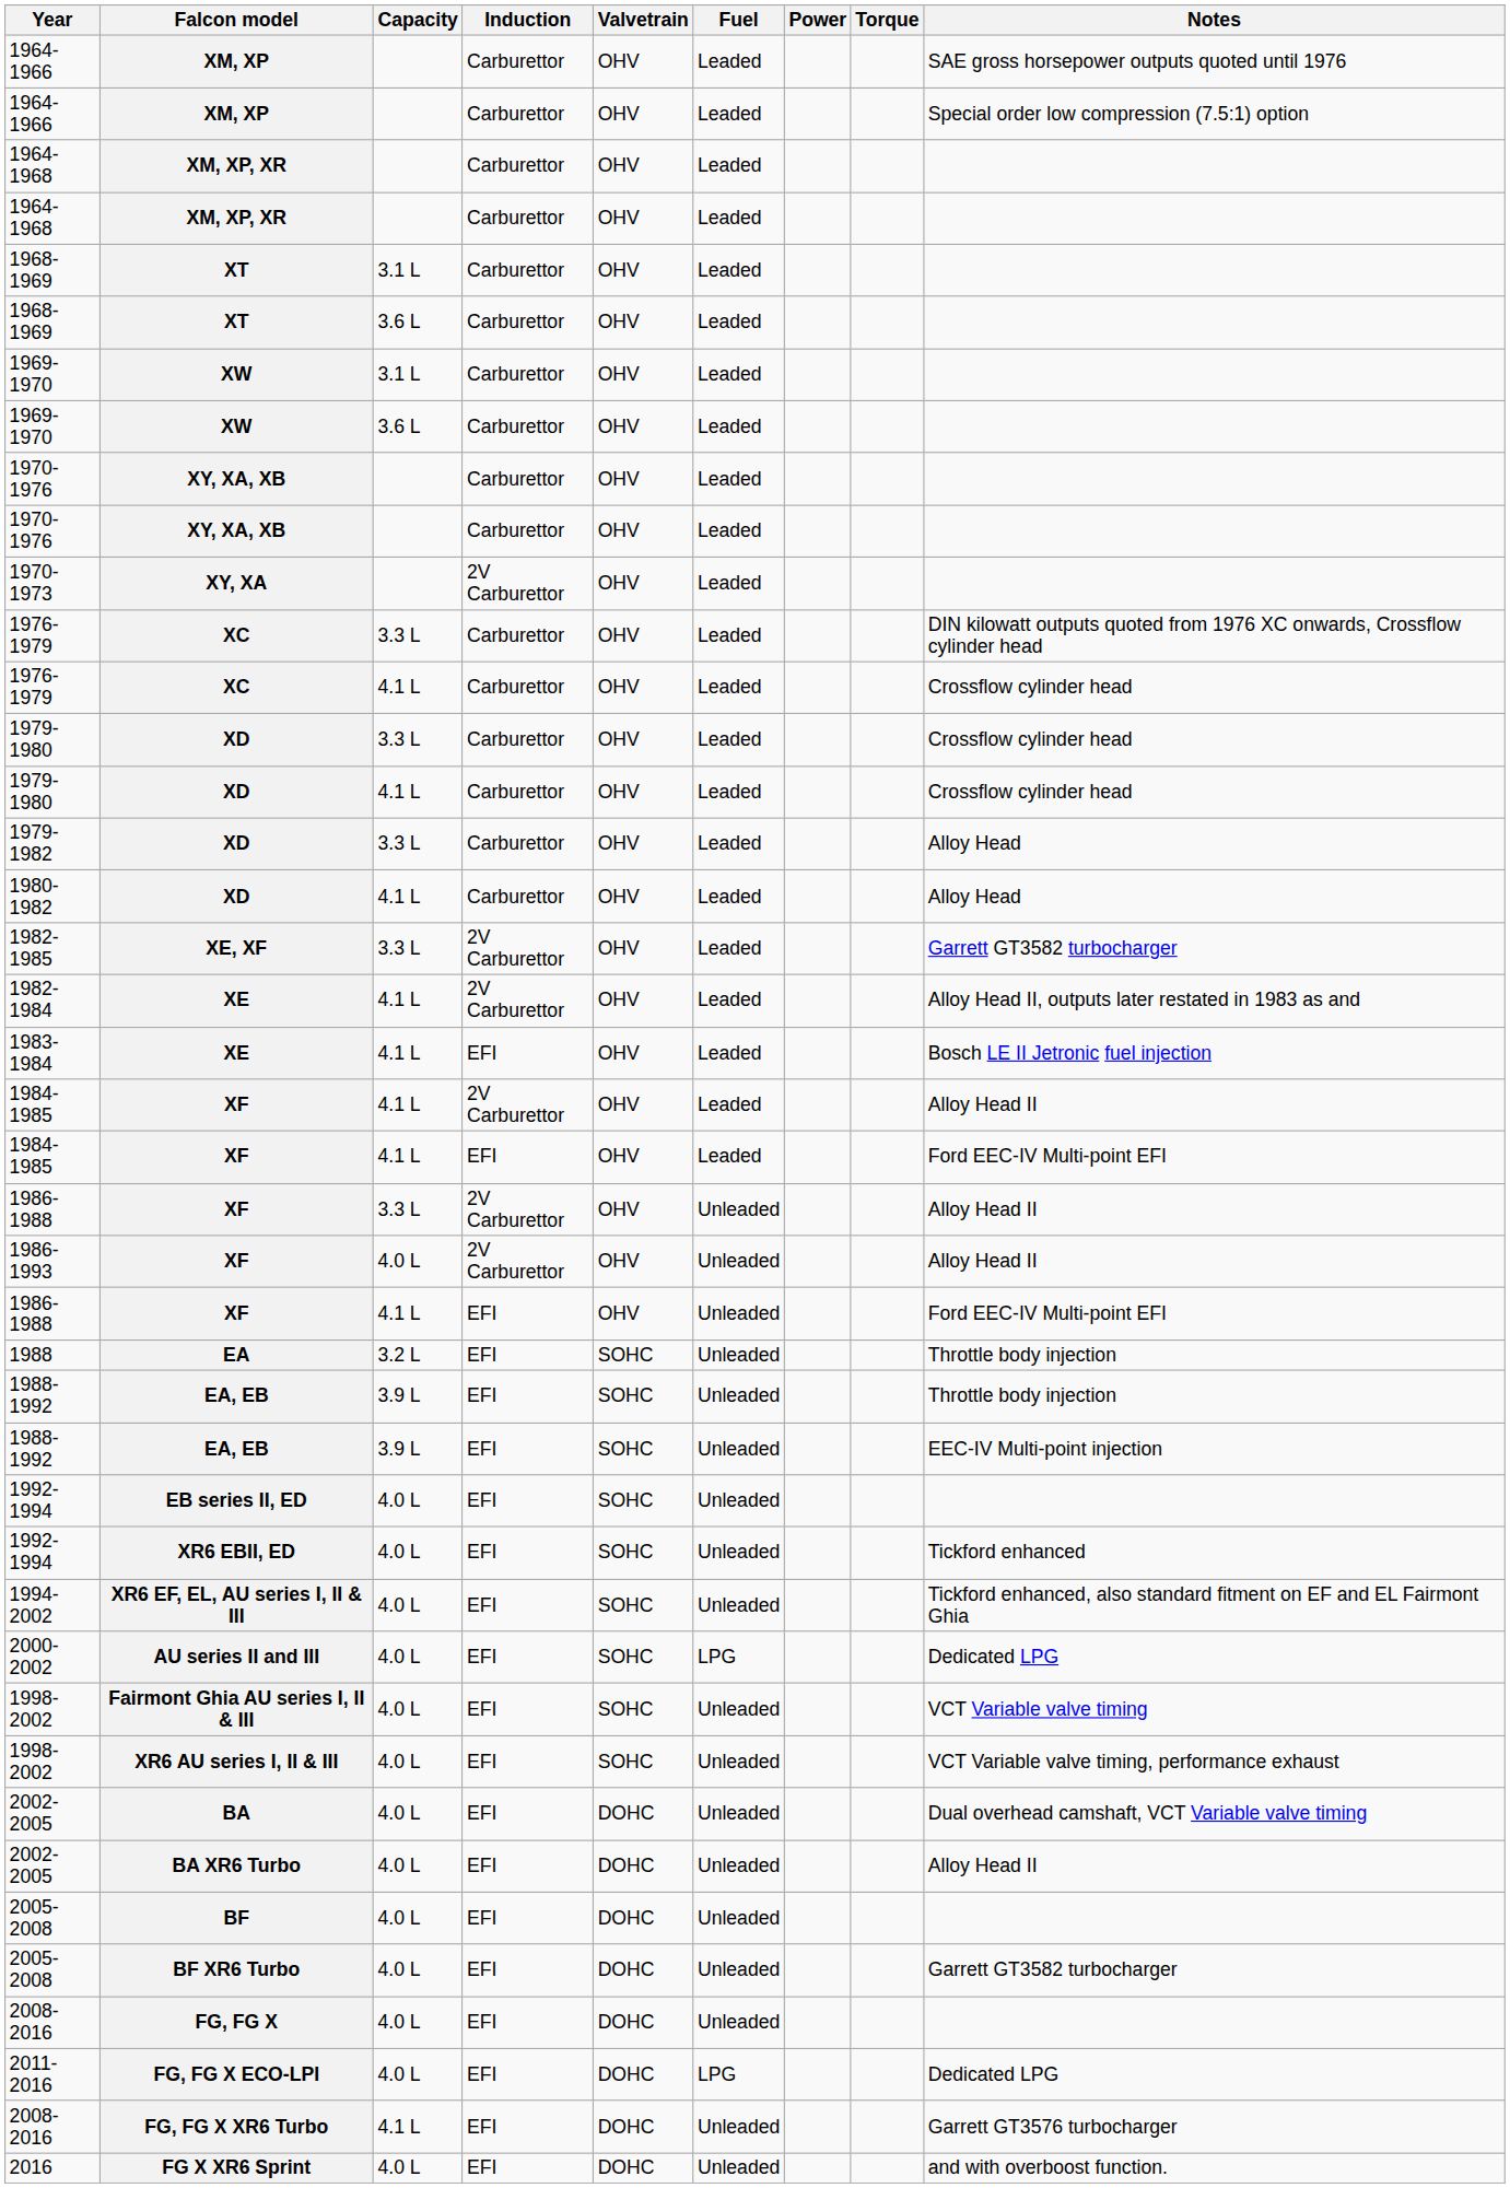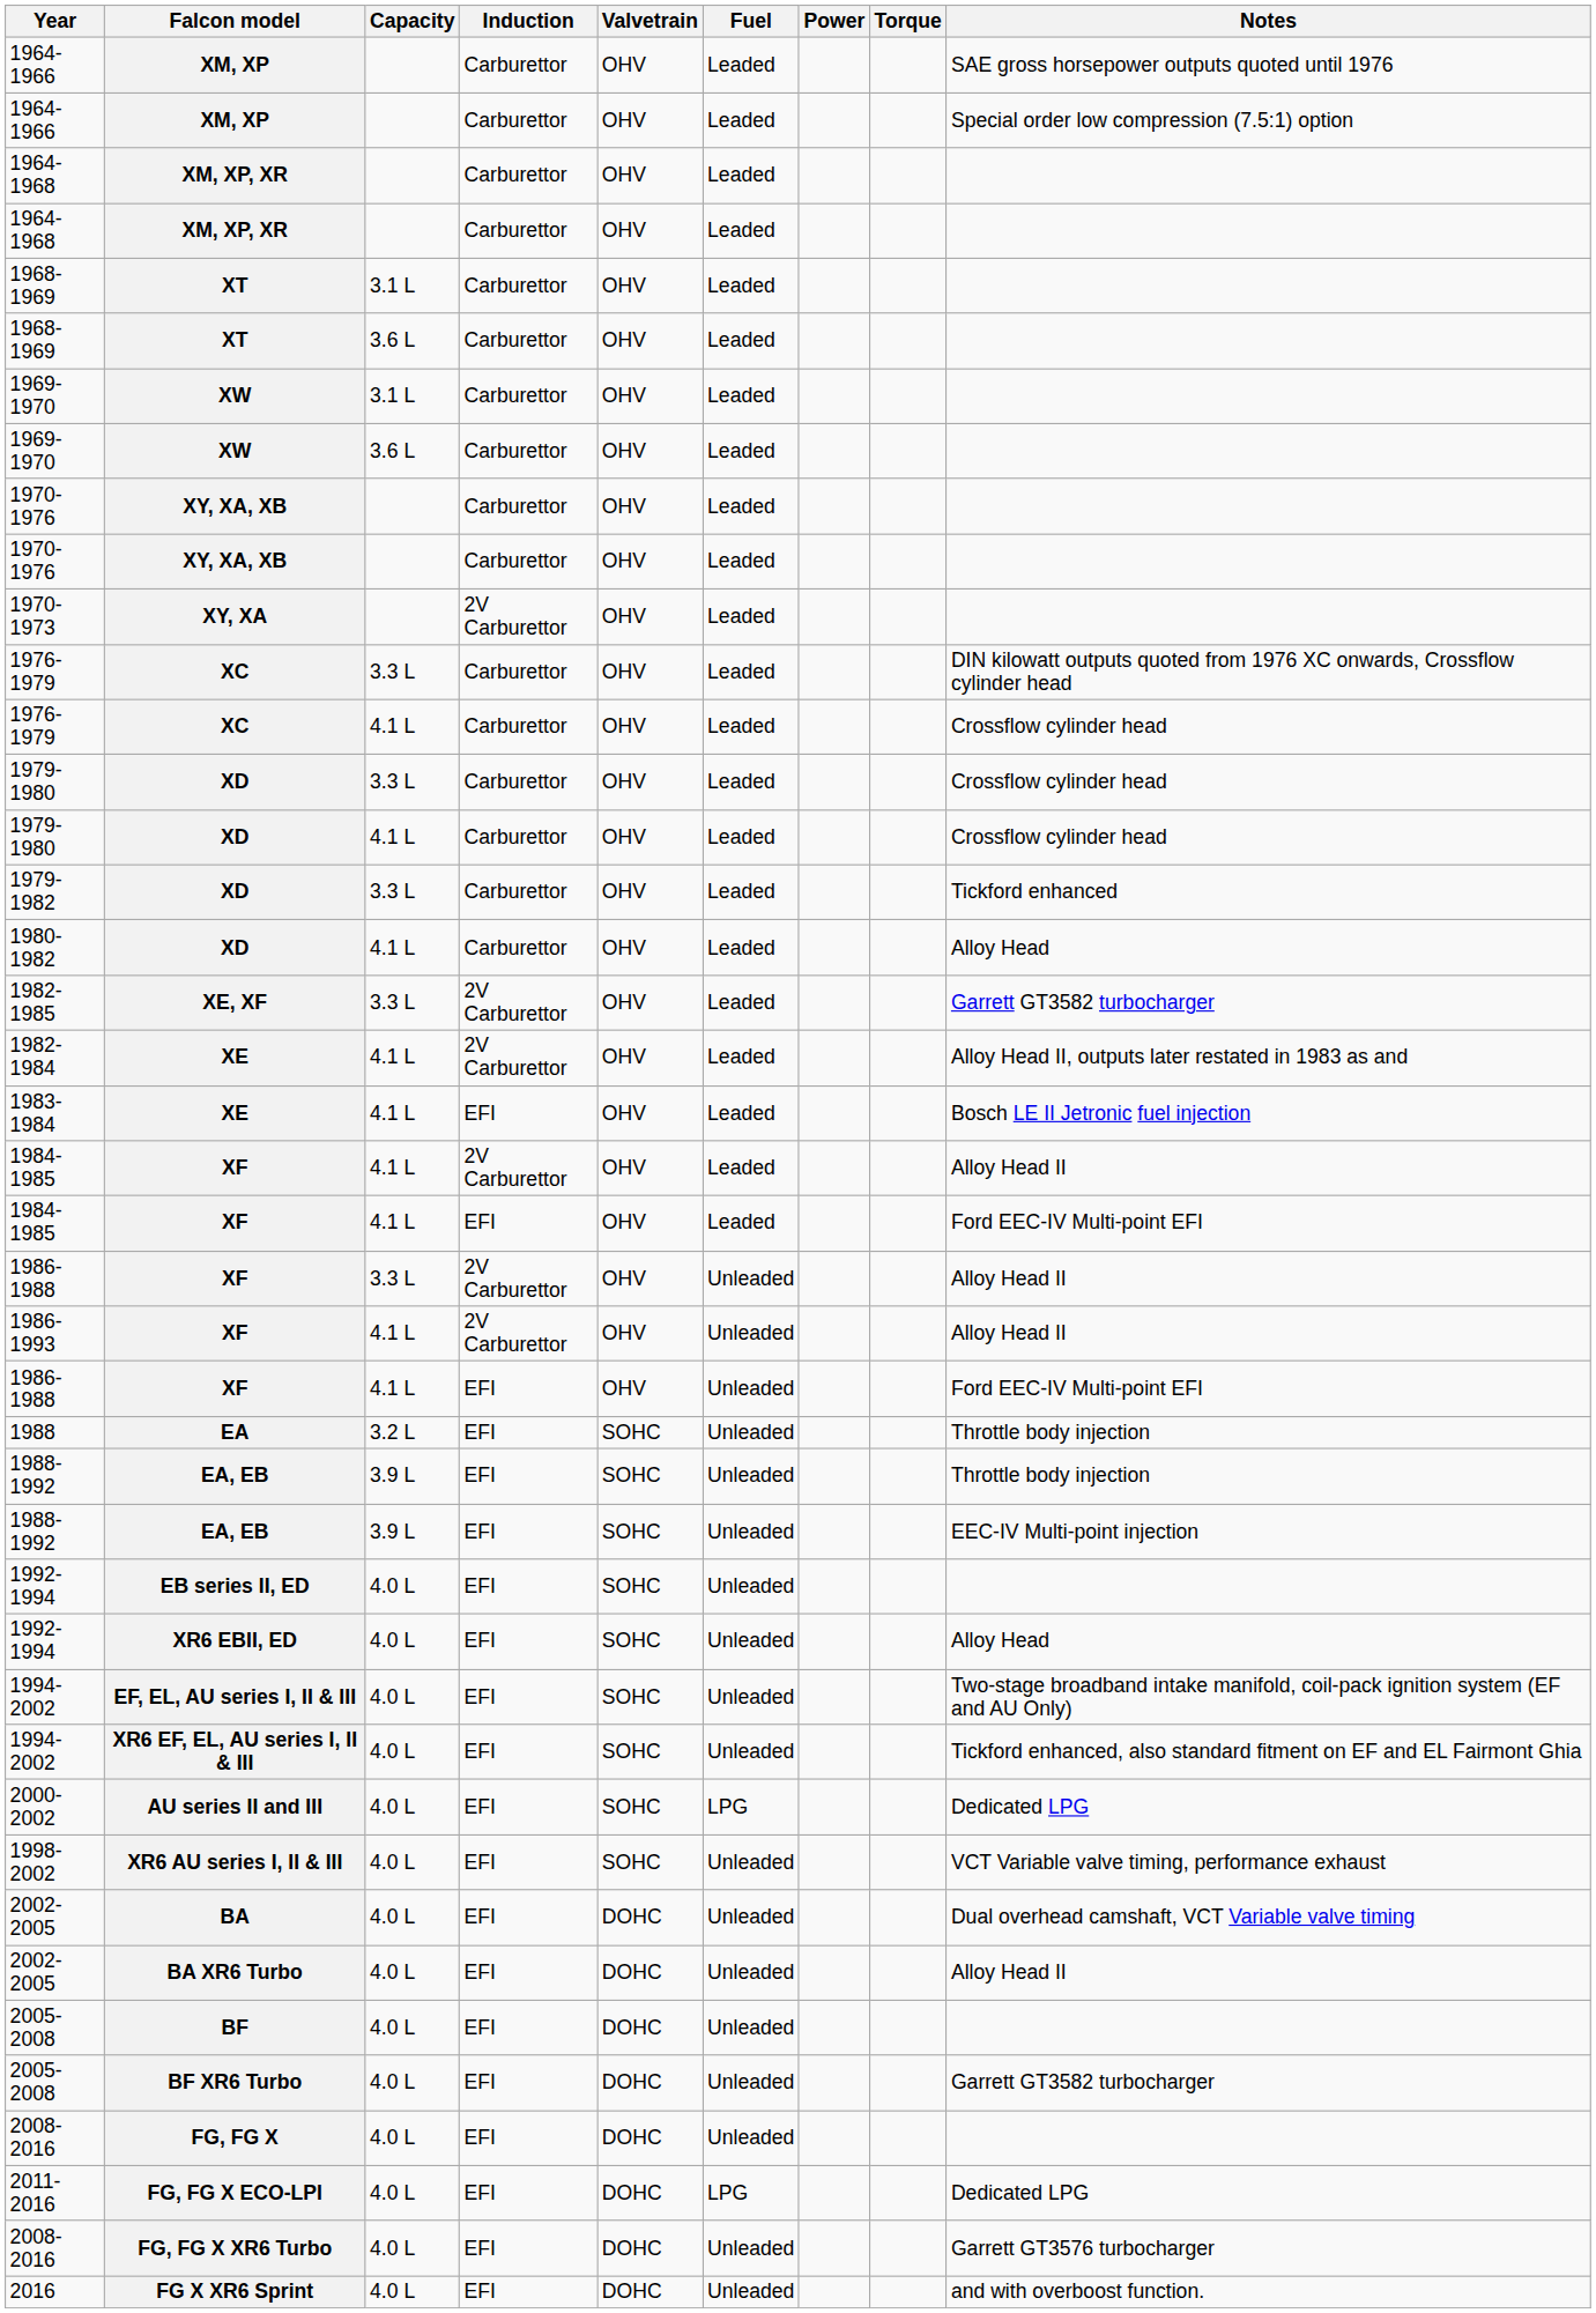 <table class="wikitable">
 <tr>
 <th>Year</th>
 <th>Falcon model</th>
 <th>Capacity</th>
 <th>Induction</th>
 <th>Valvetrain</th>
 <th>Fuel</th>
 <th>Power</th>
 <th>Torque</th>
 <th>Notes</th>
 </tr>
 <tr>
 <td>1964-1966</td>
 <th>XM, XP</th>
 <td></td>
 <td>Carburettor</td>
 <td>OHV</td>
 <td>Leaded</td>
 <td></td>
 <td></td>
 <td>SAE gross horsepower outputs quoted until 1976</td>
 </tr>
 <tr>
 <td>1964-1966</td>
 <th>XM, XP</th>
 <td></td>
 <td>Carburettor</td>
 <td>OHV</td>
 <td>Leaded</td>
 <td></td>
 <td></td>
 <td>Special order low compression (7.5:1) option</td>
 </tr>
 <tr>
 <td>1964-1968</td>
 <th>XM, XP, XR</th>
 <td></td>
 <td>Carburettor</td>
 <td>OHV</td>
 <td>Leaded</td>
 <td></td>
 <td></td>
 <td></td>
 </tr>
 <tr>
 <td>1964-1968</td>
 <th>XM, XP, XR</th>
 <td></td>
 <td>Carburettor</td>
 <td>OHV</td>
 <td>Leaded</td>
 <td></td>
 <td></td>
 <td></td>
 </tr>
 <tr>
 <td>1968-1969</td>
 <th>XT</th>
 <td>3.1 L</td>
 <td>Carburettor</td>
 <td>OHV</td>
 <td>Leaded</td>
 <td></td>
 <td></td>
 <td></td>
 </tr>
 <tr>
 <td>1968-1969</td>
 <th>XT</th>
 <td>3.6 L</td>
 <td>Carburettor</td>
 <td>OHV</td>
 <td>Leaded</td>
 <td></td>
 <td></td>
 <td></td>
 </tr>
 <tr>
 <td>1969-1970</td>
 <th>XW</th>
 <td>3.1 L</td>
 <td>Carburettor</td>
 <td>OHV</td>
 <td>Leaded</td>
 <td></td>
 <td></td>
 <td></td>
 </tr>
 <tr>
 <td>1969-1970</td>
 <th>XW</th>
 <td>3.6 L</td>
 <td>Carburettor</td>
 <td>OHV</td>
 <td>Leaded</td>
 <td></td>
 <td></td>
 <td></td>
 </tr>
 <tr>
 <td>1970-1976</td>
 <th>XY, XA, XB</th>
 <td></td>
 <td>Carburettor</td>
 <td>OHV</td>
 <td>Leaded</td>
 <td></td>
 <td></td>
 <td></td>
 </tr>
 <tr>
 <td>1970-1976</td>
 <th>XY, XA, XB</th>
 <td></td>
 <td>Carburettor</td>
 <td>OHV</td>
 <td>Leaded</td>
 <td></td>
 <td></td>
 <td></td>
 </tr>
 <tr>
 <td>1970-1973</td>
 <th>XY, XA</th>
 <td></td>
 <td>2V Carburettor</td>
 <td>OHV</td>
 <td>Leaded</td>
 <td></td>
 <td></td>
 <td></td>
 </tr>
 <tr>
 <td>1976-1979</td>
 <th>XC</th>
 <td>3.3 L</td>
 <td>Carburettor</td>
 <td>OHV</td>
 <td>Leaded</td>
 <td></td>
 <td></td>
 <td>DIN kilowatt outputs quoted from 1976 XC onwards, Crossflow cylinder head</td>
 </tr>
 <tr !>
 <td>1976-1979</td>
 <th>XC</th>
 <td>4.1 L</td>
 <td>Carburettor</td>
 <td>OHV</td>
 <td>Leaded</td>
 <td></td>
 <td></td>
 <td>Crossflow cylinder head</td>
 </tr>
 <tr>
 <td>1979-1980</td>
 <th>XD</th>
 <td>3.3 L</td>
 <td>Carburettor</td>
 <td>OHV</td>
 <td>Leaded</td>
 <td> </td>
 <td></td>
 <td>Crossflow cylinder head</td>
 </tr>
 <tr>
 <td>1979-1980</td>
 <th>XD</th>
 <td>4.1 L</td>
 <td>Carburettor</td>
 <td>OHV</td>
 <td>Leaded</td>
 <td></td>
 <td></td>
 <td>Crossflow cylinder head</td>
 </tr>
 <tr>
 <td>1979-1982</td>
 <th>XD</th>
 <td>3.3 L</td>
 <td>Carburettor</td>
 <td>OHV</td>
 <td>Leaded</td>
 <td></td>
 <td></td>
-<td>Alloy Head</td>
+<td>Tickford enhanced</td>
 </tr>
 <tr>
 <td>1980-1982</td>
 <th>XD</th>
 <td>4.1 L</td>
 <td>Carburettor</td>
 <td>OHV</td>
 <td>Leaded</td>
 <td></td>
 <td></td>
 <td>Alloy Head</td>
 </tr>
 <tr>
 <td>1982-1985</td>
 <th>XE, XF</th>
 <td>3.3 L</td>
 <td>2V Carburettor</td>
 <td>OHV</td>
 <td>Leaded</td>
 <td></td>
 <td></td>
 <td><a href='#'>Garrett</a> GT3582 <a href='#'>turbocharger</a></td>
 </tr>
 <tr>
 <td>1982-1984</td>
 <th>XE</th>
 <td>4.1 L</td>
 <td>2V Carburettor</td>
 <td>OHV</td>
 <td>Leaded</td>
 <td></td>
 <td></td>
 <td>Alloy Head II, outputs later restated in 1983 as  and </td>
 </tr>
 <tr>
 <td>1983-1984</td>
 <th>XE</th>
 <td>4.1 L</td>
 <td>EFI</td>
 <td>OHV</td>
 <td>Leaded</td>
 <td></td>
 <td></td>
 <td>Bosch <a href='#'>LE II Jetronic</a> <a href='#'>fuel injection</a></td>
 </tr>
 <tr>
 <td>1984-1985</td>
 <th>XF</th>
 <td>4.1 L</td>
 <td>2V Carburettor</td>
 <td>OHV</td>
 <td>Leaded</td>
 <td></td>
 <td></td>
 <td>Alloy Head II</td>
 </tr>
 <tr>
 <td>1984-1985</td>
 <th>XF</th>
 <td>4.1 L</td>
 <td>EFI</td>
 <td>OHV</td>
 <td>Leaded</td>
 <td></td>
 <td></td>
 <td>Ford EEC-IV Multi-point EFI</td>
 </tr>
 <tr>
 <td>1986-1988</td>
 <th>XF</th>
 <td>3.3 L</td>
 <td>2V Carburettor</td>
 <td>OHV</td>
 <td>Unleaded</td>
 <td></td>
 <td></td>
 <td>Alloy Head II</td>
 </tr>
 <tr>
 <td>1986-1993</td>
 <th>XF</th>
-<td>4.0 L</td>
+<td>4.1 L</td>
 <td>2V Carburettor</td>
 <td>OHV</td>
 <td>Unleaded</td>
 <td></td>
 <td></td>
 <td>Alloy Head II</td>
 </tr>
 <tr align="center!">
 <td>1986-1988</td>
 <th>XF</th>
 <td>4.1 L</td>
 <td>EFI</td>
 <td>OHV</td>
 <td>Unleaded</td>
 <td></td>
 <td></td>
 <td>Ford EEC-IV Multi-point EFI</td>
 </tr>
 <tr>
 <td>1988</td>
 <th>EA</th>
 <td>3.2 L</td>
 <td>EFI</td>
 <td>SOHC</td>
 <td>Unleaded</td>
 <td></td>
 <td></td>
 <td>Throttle body injection</td>
 </tr>
 <tr>
 <td>1988-1992</td>
 <th>EA, EB</th>
 <td>3.9 L</td>
 <td>EFI</td>
 <td>SOHC</td>
 <td>Unleaded</td>
 <td></td>
 <td></td>
 <td>Throttle body injection</td>
 </tr>
 <tr>
 <td>1988-1992</td>
 <th>EA, EB</th>
 <td>3.9 L</td>
 <td>EFI</td>
 <td>SOHC</td>
 <td>Unleaded</td>
 <td></td>
 <td></td>
 <td>EEC-IV Multi-point injection</td>
 </tr>
 <tr>
 <td>1992-1994</td>
 <th>EB series II, ED</th>
 <td>4.0 L</td>
 <td>EFI</td>
 <td>SOHC</td>
 <td>Unleaded</td>
 <td></td>
 <td></td>
 <td></td>
 </tr>
 <tr>
 <td>1992-1994</td>
 <th>XR6 EBII, ED</th>
 <td>4.0 L</td>
 <td>EFI</td>
 <td>SOHC</td>
 <td>Unleaded</td>
 <td></td>
 <td></td>
-<td>Tickford enhanced</td>
+<td>Alloy Head</td>
+</tr>
+<tr>
+<td>1994-2002</td>
+<th>EF, EL, AU series I, II & III</th>
+<td>4.0 L</td>
+<td>EFI</td>
+<td>SOHC</td>
+<td>Unleaded</td>
+<td></td>
+<td></td>
+<td>Two-stage broadband intake manifold, coil-pack ignition system (EF and AU Only)</td>
 </tr>
 <tr>
 <td>1994-2002</td>
 <th>XR6 EF, EL, AU series I, II & III</th>
 <td>4.0 L</td>
 <td>EFI</td>
 <td>SOHC</td>
 <td>Unleaded</td>
 <td></td>
 <td></td>
 <td>Tickford enhanced, also standard fitment on EF and EL Fairmont Ghia</td>
 </tr>
 <tr>
 <td>2000-2002</td>
 <th>AU series II and III</th>
 <td>4.0 L</td>
 <td>EFI</td>
 <td>SOHC</td>
 <td>LPG</td>
 <td></td>
 <td></td>
 <td>Dedicated <a href='#'>LPG</a></td>
-</tr>
-<tr>
-<td>1998-2002</td>
-<th>Fairmont Ghia AU series I, II & III</th>
-<td>4.0 L</td>
-<td>EFI</td>
-<td>SOHC</td>
-<td>Unleaded</td>
-<td></td>
-<td></td>
-<td>VCT <a href='#'>Variable valve timing</a></td>
 </tr>
 <tr>
 <td>1998-2002</td>
 <th>XR6 AU series I, II & III</th>
 <td>4.0 L</td>
 <td>EFI</td>
 <td>SOHC</td>
 <td>Unleaded</td>
 <td></td>
 <td></td>
 <td>VCT Variable valve timing, performance exhaust</td>
 </tr>
 <tr>
 <td>2002-2005</td>
 <th>BA</th>
 <td>4.0 L</td>
 <td>EFI</td>
 <td>DOHC</td>
 <td>Unleaded</td>
 <td></td>
 <td></td>
 <td>Dual overhead camshaft, VCT <a href='#'>Variable valve timing</a></td>
 </tr>
 <tr>
 <td>2002-2005</td>
 <th>BA XR6 Turbo</th>
 <td>4.0 L</td>
 <td>EFI</td>
 <td>DOHC</td>
 <td>Unleaded</td>
 <td></td>
 <td></td>
 <td>Alloy Head II</td>
 </tr>
 <tr>
 <td>2005-2008</td>
 <th>BF</th>
 <td>4.0 L</td>
 <td>EFI</td>
 <td>DOHC</td>
 <td>Unleaded</td>
 <td></td>
 <td></td>
 <td></td>
 </tr>
 <tr>
 <td>2005-2008</td>
 <th>BF XR6 Turbo</th>
 <td>4.0 L</td>
 <td>EFI</td>
 <td>DOHC</td>
 <td>Unleaded</td>
 <td></td>
 <td></td>
 <td>Garrett GT3582 turbocharger</td>
 </tr>
 <tr>
 <td>2008-2016</td>
 <th>FG, FG X</th>
 <td>4.0 L</td>
 <td>EFI</td>
 <td>DOHC</td>
 <td>Unleaded</td>
 <td></td>
 <td></td>
 <td></td>
 </tr>
 <tr>
 <td>2011-2016</td>
 <th>FG, FG X ECO-LPI</th>
 <td>4.0 L</td>
 <td>EFI</td>
 <td>DOHC</td>
 <td>LPG</td>
 <td></td>
 <td></td>
 <td>Dedicated LPG</td>
 </tr>
 <tr>
 <td>2008-2016</td>
 <th>FG, FG X XR6 Turbo</th>
-<td>4.1 L</td>
+<td>4.0 L</td>
 <td>EFI</td>
 <td>DOHC</td>
 <td>Unleaded</td>
 <td></td>
 <td></td>
 <td>Garrett GT3576 turbocharger</td>
 </tr>
 <tr>
 <td>2016</td>
 <th>FG X XR6 Sprint</th>
 <td>4.0 L</td>
 <td>EFI</td>
 <td>DOHC</td>
 <td>Unleaded</td>
 <td></td>
 <td></td>
 <td> and  with overboost function.</td>
 </tr>
 </table>
